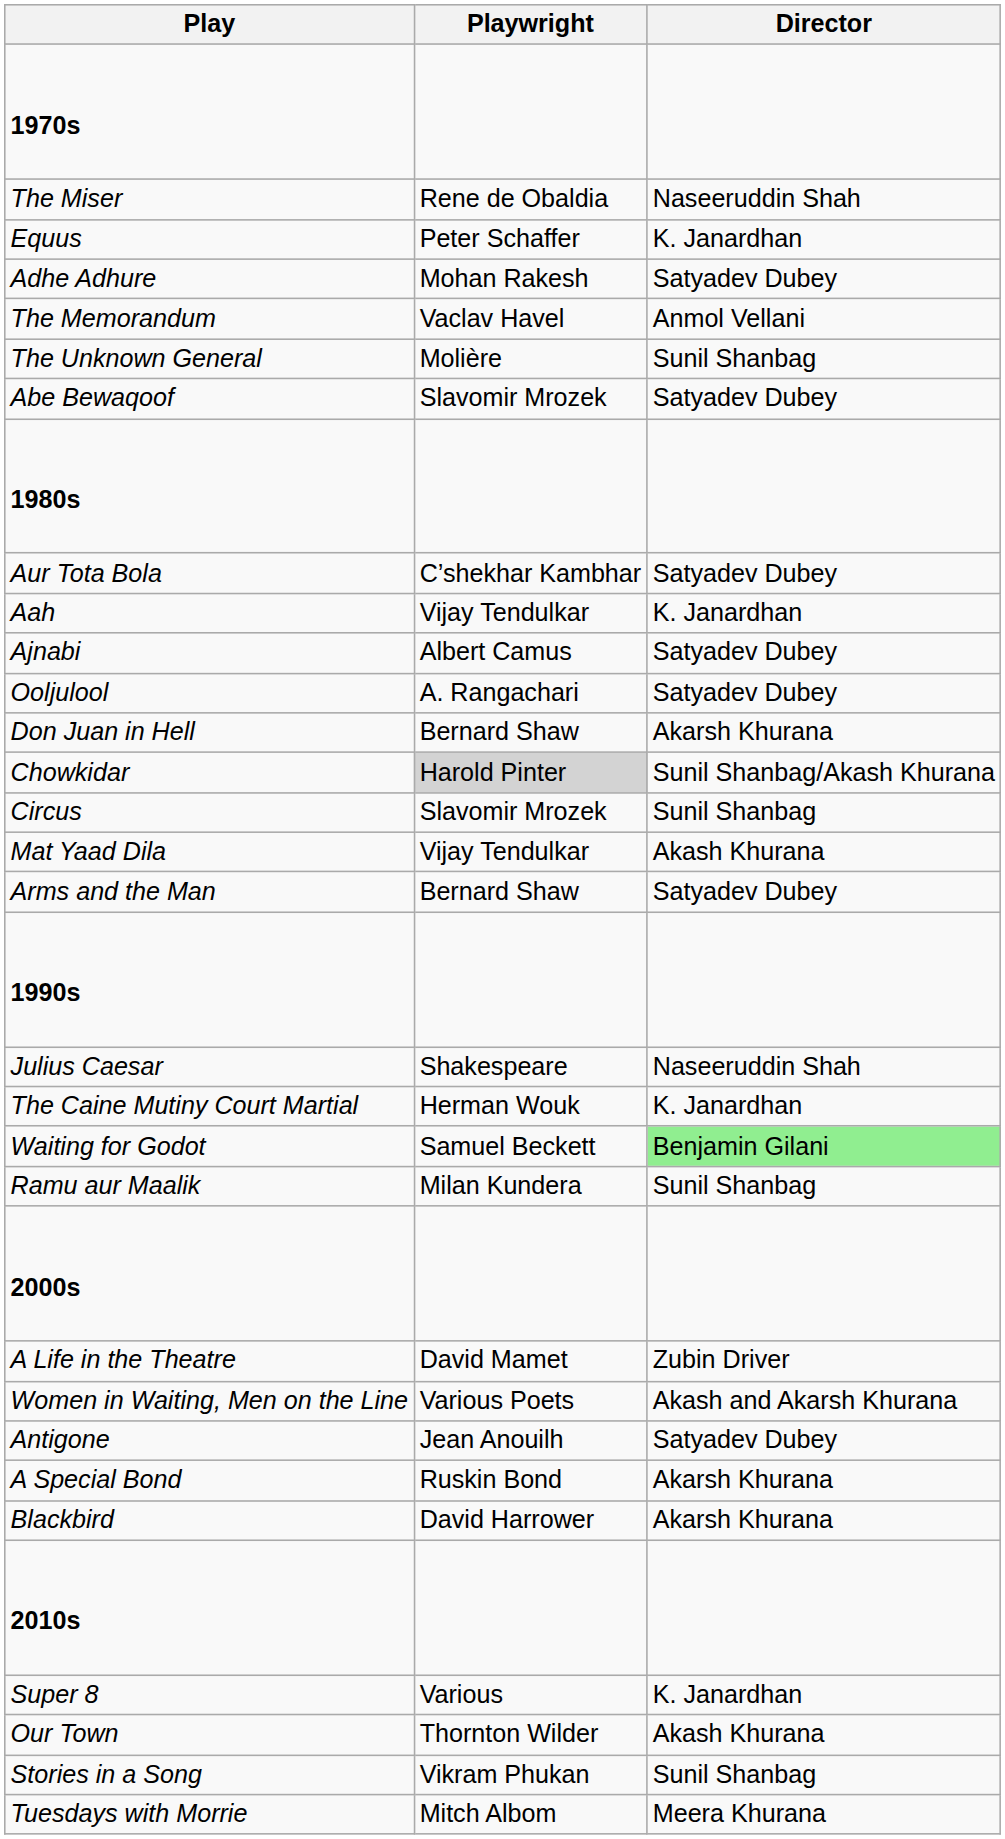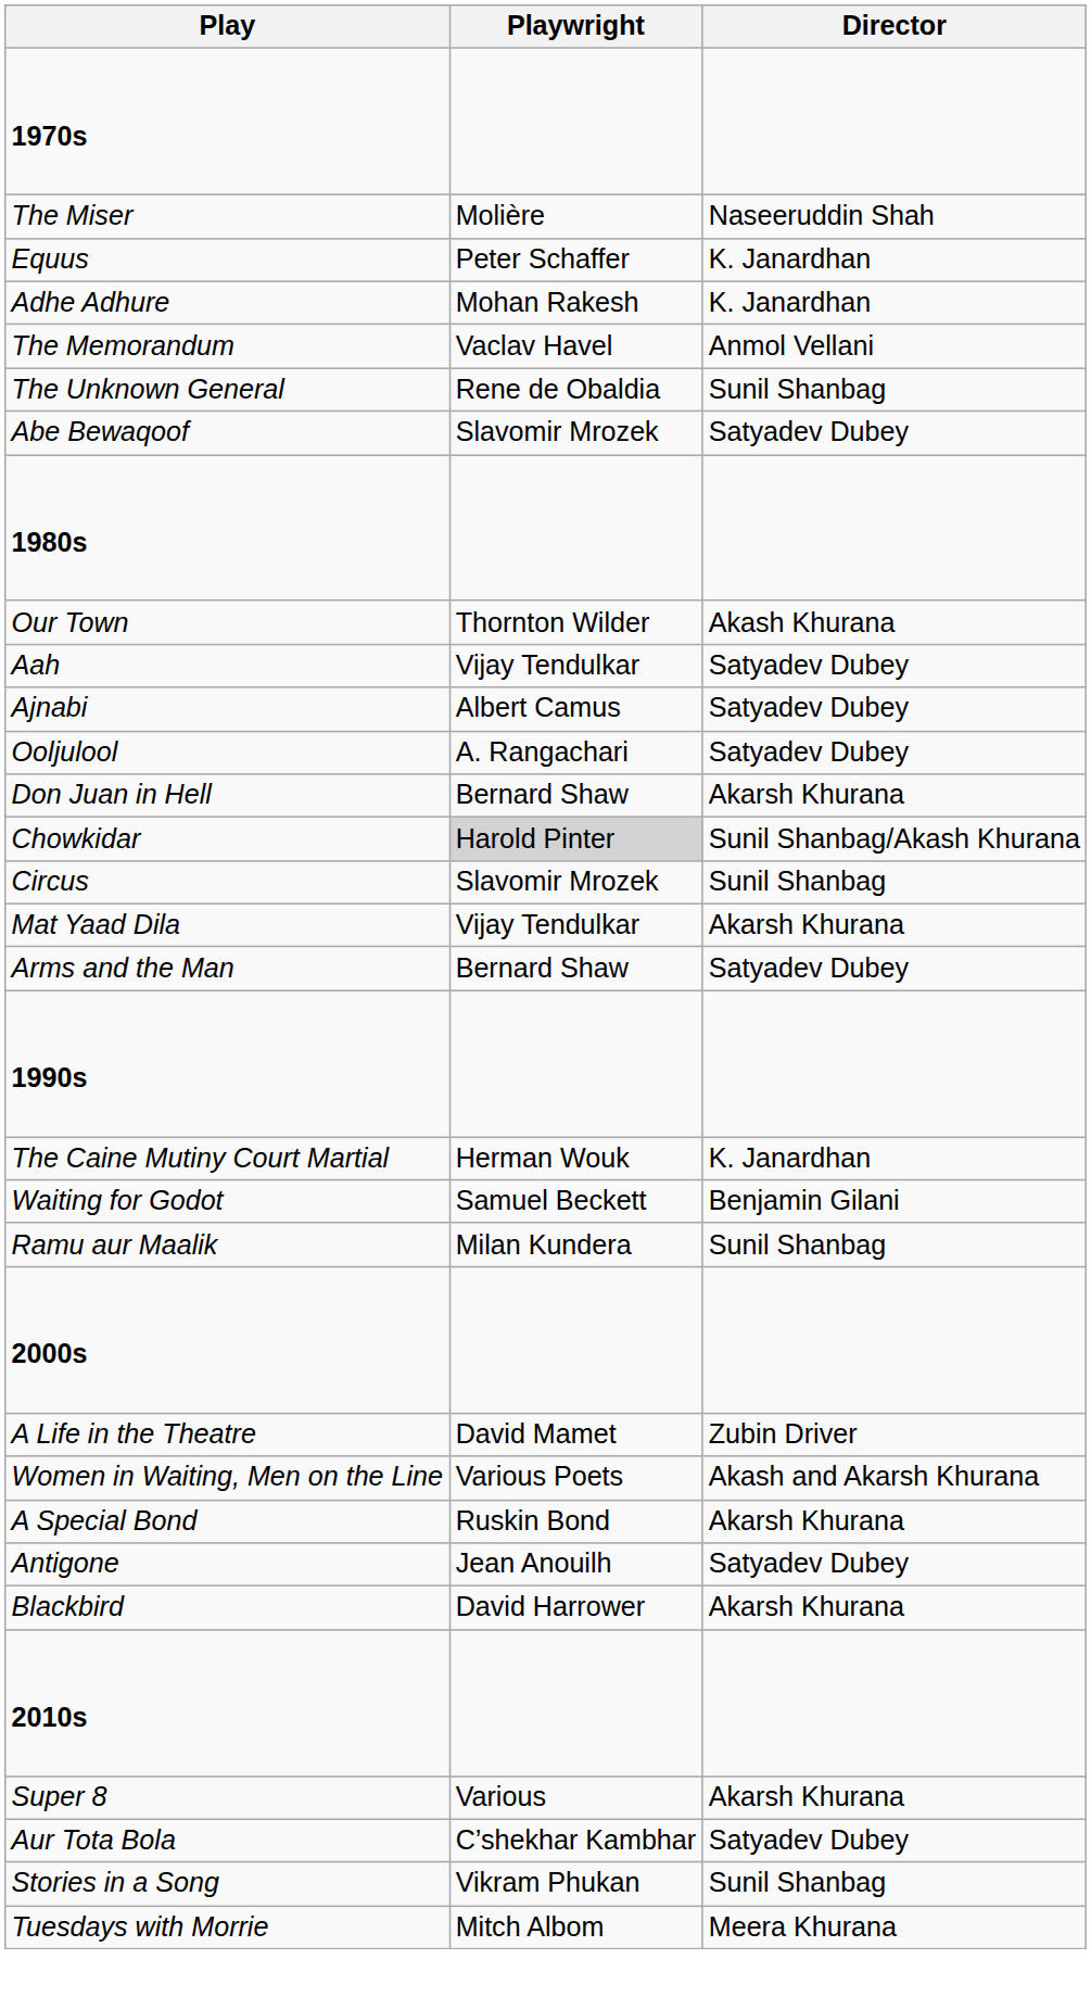 <table class="wikitable sortable">
 <tr>
 <th>Play</th>
 <th>Playwright</th>
 <th>Director</th>
 </tr>
 <tr>
 <td><br><h4>1970s</h4></td>
 <td></td>
 <td></td>
 </tr>
 <tr>
 <td><em>The Miser</em></td>
-<td>Rene de Obaldia</td>
+<td>Molière</td>
 <td>Naseeruddin Shah</td>
 </tr>
 <tr>
 <td><em>Equus</em></td>
 <td>Peter Schaffer</td>
 <td>K. Janardhan</td>
 </tr>
 <tr>
 <td><em>Adhe Adhure</em></td>
 <td>Mohan Rakesh</td>
-<td>Satyadev Dubey</td>
+<td>K. Janardhan</td>
 </tr>
 <tr>
 <td><em>The Memorandum</em></td>
 <td>Vaclav Havel</td>
 <td>Anmol Vellani</td>
 </tr>
 <tr>
 <td><em>The Unknown General</em></td>
-<td>Molière</td>
+<td>Rene de Obaldia</td>
 <td>Sunil Shanbag</td>
 </tr>
 <tr>
 <td><em>Abe Bewaqoof</em></td>
 <td>Slavomir Mrozek</td>
 <td>Satyadev Dubey</td>
 </tr>
 <tr>
 <td><br><h4>1980s</h4></td>
 <td></td>
 <td></td>
 </tr>
 <tr>
-<td><em>Aur Tota Bola</em></td>
-<td>C’shekhar Kambhar</td>
-<td>Satyadev Dubey</td>
+<td><em>Our Town</em></td>
+<td>Thornton Wilder</td>
+<td>Akash Khurana</td>
 </tr>
 <tr>
 <td><em>Aah</em></td>
 <td>Vijay Tendulkar</td>
-<td>K. Janardhan</td>
+<td>Satyadev Dubey</td>
 </tr>
 <tr>
 <td><em>Ajnabi</em></td>
 <td>Albert Camus</td>
 <td>Satyadev Dubey</td>
 </tr>
 <tr>
 <td><em>Ooljulool</em></td>
 <td>A. Rangachari</td>
 <td>Satyadev Dubey</td>
 </tr>
 <tr>
 <td><em>Don Juan in Hell</em></td>
 <td>Bernard Shaw</td>
 <td>Akarsh Khurana</td>
 </tr>
 <tr>
 <td><em>Chowkidar</em></td>
 <td style="background: lightgrey;">Harold Pinter</td>
 <td>Sunil Shanbag/Akash Khurana</td>
 </tr>
 <tr>
 <td><em>Circus</em></td>
 <td>Slavomir Mrozek</td>
 <td>Sunil Shanbag</td>
 </tr>
 <tr>
 <td><em>Mat Yaad Dila</em></td>
 <td>Vijay Tendulkar</td>
-<td>Akash Khurana</td>
+<td>Akarsh Khurana</td>
 </tr>
 <tr>
 <td><em>Arms and the Man</em></td>
 <td>Bernard Shaw</td>
 <td>Satyadev Dubey</td>
 </tr>
 <tr>
 <td><br><h4>1990s</h4></td>
 <td></td>
 <td></td>
 </tr>
 <tr>
-<td><em>Julius Caesar</em></td>
-<td>Shakespeare</td>
-<td>Naseeruddin Shah</td>
-</tr>
-<tr>
 <td><em>The Caine Mutiny Court Martial</em></td>
 <td>Herman Wouk</td>
 <td>K. Janardhan</td>
 </tr>
 <tr>
 <td><em>Waiting for Godot</em></td>
 <td>Samuel Beckett</td>
-<td style="background: lightgreen;">Benjamin Gilani</td>
+<td>Benjamin Gilani</td>
 </tr>
 <tr>
 <td><em>Ramu aur Maalik</em></td>
 <td>Milan Kundera</td>
 <td>Sunil Shanbag</td>
 </tr>
 <tr>
 <td><br><h4>2000s</h4></td>
 <td></td>
 <td></td>
 </tr>
 <tr>
 <td><em>A Life in the Theatre</em></td>
 <td>David Mamet</td>
 <td>Zubin Driver</td>
 </tr>
 <tr>
 <td><em>Women in Waiting, Men on the Line</em></td>
 <td>Various Poets</td>
 <td>Akash and Akarsh Khurana</td>
 </tr>
 <tr>
+<td><em>A Special Bond</em></td>
+<td>Ruskin Bond</td>
+<td>Akarsh Khurana</td>
+</tr>
+<tr>
 <td><em>Antigone</em></td>
 <td>Jean Anouilh</td>
 <td>Satyadev Dubey</td>
-</tr>
-<tr>
-<td><em>A Special Bond</em></td>
-<td>Ruskin Bond</td>
-<td>Akarsh Khurana</td>
 </tr>
 <tr>
 <td><em>Blackbird</em></td>
 <td>David Harrower</td>
 <td>Akarsh Khurana</td>
 </tr>
 <tr>
 <td><br><h4>2010s</h4></td>
 <td></td>
 <td></td>
 </tr>
 <tr>
 <td><em>Super 8</em></td>
 <td>Various</td>
-<td>K. Janardhan</td>
+<td>Akarsh Khurana</td>
 </tr>
 <tr>
-<td><em>Our Town</em></td>
-<td>Thornton Wilder</td>
-<td>Akash Khurana</td>
+<td><em>Aur Tota Bola</em></td>
+<td>C’shekhar Kambhar</td>
+<td>Satyadev Dubey</td>
 </tr>
 <tr>
 <td><em>Stories in a Song</em></td>
 <td>Vikram Phukan</td>
 <td>Sunil Shanbag</td>
 </tr>
 <tr>
 <td><em>Tuesdays with Morrie</em></td>
 <td>Mitch Albom</td>
 <td>Meera Khurana</td>
 </tr>
 </table>
